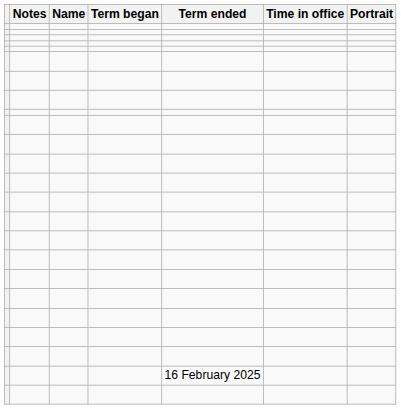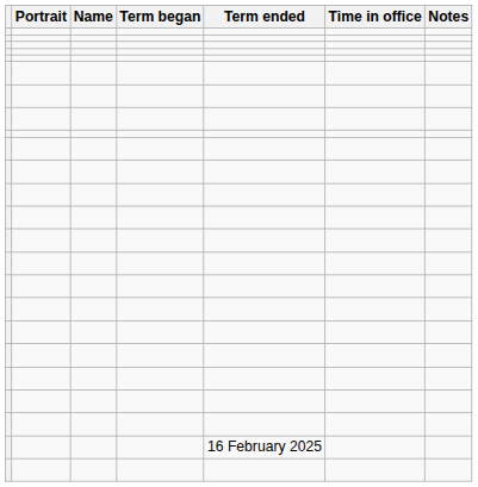 <table class="wikitable sortable">
 <tr>
 <th scope="col" class="unsortable"></th>
-<th scope="col" class="unsortable">Notes</th>
+<th scope="col" class="unsortable">Portrait</th>
 <th scope="col">Name</th>
 <th scope="col">Term began</th>
 <th scope="col">Term ended</th>
 <th scope="col">Time in office</th>
-<th scope="col" class="unsortable">Portrait</th>
+<th scope="col" class="unsortable">Notes</th>
 </tr>
 <tr>
 <th scope = row align="center"></th>
+<td></td>
 <td align="center"></td>
 <td align="center"></td>
 <td align="center"></td>
 <td align="center"></td>
 <td align="center"></td>
-<td></td>
 </tr>
 <tr>
 <th scope = row align="center"></th>
+<td></td>
 <td align="center"></td>
 <td align="center"></td>
 <td align="center"></td>
 <td align="center"></td>
 <td align="center"></td>
-<td></td>
 </tr>
 <tr>
 <th scope = row align="center"></th>
+<td></td>
 <td align="center"></td>
 <td align="center"></td>
 <td align="center"></td>
 <td align="center"></td>
 <td align="center"></td>
-<td></td>
 </tr>
 <tr>
 <th scope = row align="center"></th>
+<td></td>
 <td align="center"></td>
 <td align="center"></td>
 <td align="center"></td>
 <td align="center"></td>
 <td align="center"></td>
-<td></td>
 </tr>
 <tr>
 <th scope = row align="center"></th>
+<td></td>
 <td align="center"></td>
 <td align="center"></td>
 <td align="center"></td>
 <td align="center"></td>
 <td align="center"></td>
-<td></td>
 </tr>
 <tr>
 <th scope = row align="center"></th>
-<td align="center"></td>
+<td></td>
 <td align="center"> <br> </td>
 <td align="center"></td>
 <td align="center"></td>
 <td align="center"></td>
-<td></td>
+<td align="center"></td>
 </tr>
 <tr>
 <th scope = row align="center"></th>
-<td align="center"></td>
+<td></td>
 <td align="center"> <br> </td>
 <td align="center"></td>
 <td align="center"></td>
 <td align="center"></td>
-<td></td>
+<td align="center"></td>
 </tr>
 <tr>
 <th scope = row align="center"></th>
-<td align="center"></td>
+<td></td>
 <td align="center"> <br> </td>
 <td align="center"></td>
 <td align="center"></td>
 <td align="center"></td>
-<td></td>
+<td align="center"></td>
 </tr>
 <tr>
 <th scope = row align="center"></th>
+<td></td>
 <td align="center"></td>
 <td align="center"></td>
 <td align="center"></td>
 <td align="center"></td>
 <td align="center"></td>
-<td></td>
 </tr>
 <tr>
 <th scope = row align="center"></th>
-<td align="center"></td>
+<td></td>
 <td align="center"> <br> </td>
 <td align="center"></td>
 <td align="center"></td>
 <td align="center"></td>
-<td></td>
+<td align="center"></td>
 </tr>
 <tr>
 <th scope = row align="center"></th>
-<td align="center"></td>
+<td></td>
 <td align="center"> <br> </td>
 <td align="center"></td>
 <td align="center"></td>
 <td align="center"></td>
-<td></td>
+<td align="center"></td>
 </tr>
 <tr>
 <th scope = row align="center"></th>
-<td align="center"></td>
+<td></td>
 <td align="center"> <br> </td>
 <td align="center"></td>
 <td align="center"></td>
 <td align="center"></td>
-<td></td>
+<td align="center"></td>
 </tr>
 <tr>
 <th scope = row align="center"></th>
-<td align="center"></td>
-<td align="center"> <br> </td>
-<td align="center"></td>
-<td align="center"></td>
-<td align="center"></td>
 <td></td>
-</tr>
-<tr>
-<th scope = row align="center"></th>
-<td align="center"></td>
 <td align="center"> <br> </td>
 <td align="center"></td>
 <td align="center"></td>
 <td align="center"></td>
 <td align="center"></td>
 </tr>
 <tr>
 <th scope = row align="center"></th>
 <td align="center"></td>
 <td align="center"> <br> </td>
 <td align="center"></td>
 <td align="center"></td>
 <td align="center"></td>
 <td align="center"></td>
 </tr>
 <tr>
 <th scope = row align="center"></th>
 <td align="center"></td>
 <td align="center"> <br> </td>
 <td align="center"></td>
 <td align="center"></td>
 <td align="center"></td>
 <td align="center"></td>
 </tr>
 <tr>
 <th scope = row align="center"></th>
 <td align="center"></td>
 <td align="center"> <br> </td>
 <td align="center"></td>
 <td align="center"></td>
 <td align="center"></td>
 <td align="center"></td>
 </tr>
 <tr>
 <th scope = row align="center"></th>
 <td align="center"></td>
 <td align="center"> <br> </td>
 <td align="center"></td>
 <td align="center"></td>
 <td align="center"></td>
 <td align="center"></td>
 </tr>
 <tr>
 <th scope = row align="center"></th>
 <td align="center"></td>
 <td align="center"> <br> </td>
 <td align="center"></td>
 <td align="center"></td>
 <td align="center"></td>
-<td></td>
+<td align="center"></td>
 </tr>
 <tr>
 <th scope = row align="center"></th>
-<td align="center"></td>
+<td></td>
 <td align="center"> <br> </td>
 <td align="center"></td>
 <td align="center"></td>
 <td align="center"></td>
+<td align="center"></td>
+</tr>
+<tr>
+<th scope = row align="center"></th>
 <td></td>
+<td align="center"> <br> </td>
+<td align="center"></td>
+<td align="center"></td>
+<td align="center"></td>
+<td align="center"></td>
 </tr>
 <tr>
 <th scope = row align="center"></th>
 <td align="center"></td>
 <td align="center"> <br> </td>
 <td align="center"></td>
 <td align="center"></td>
 <td align="center"></td>
 <td align="center"></td>
 </tr>
 <tr>
 <th scope = row align="center"></th>
 <td align="center"></td>
 <td align="center"> <br> </td>
 <td align="center"></td>
 <td align="center"></td>
 <td align="center"></td>
 <td align="center"></td>
 </tr>
 <tr>
 <th scope = row align="center"></th>
-<td align="center"></td>
+<td></td>
 <td align="center"> <br> </td>
 <td align="center"></td>
 <td align="center">16 February 2025</td>
 <td align="center"></td>
-<td></td>
+<td align="center"></td>
 </tr>
 <tr>
 <th scope = row align="center"></th>
-<td align="center"></td>
+<td></td>
 <td align="center"> <br> </td>
 <td align="center"></td>
 <td align="center"></td>
 <td align="center"></td>
-<td></td>
+<td align="center"></td>
 </tr>
 </table>
